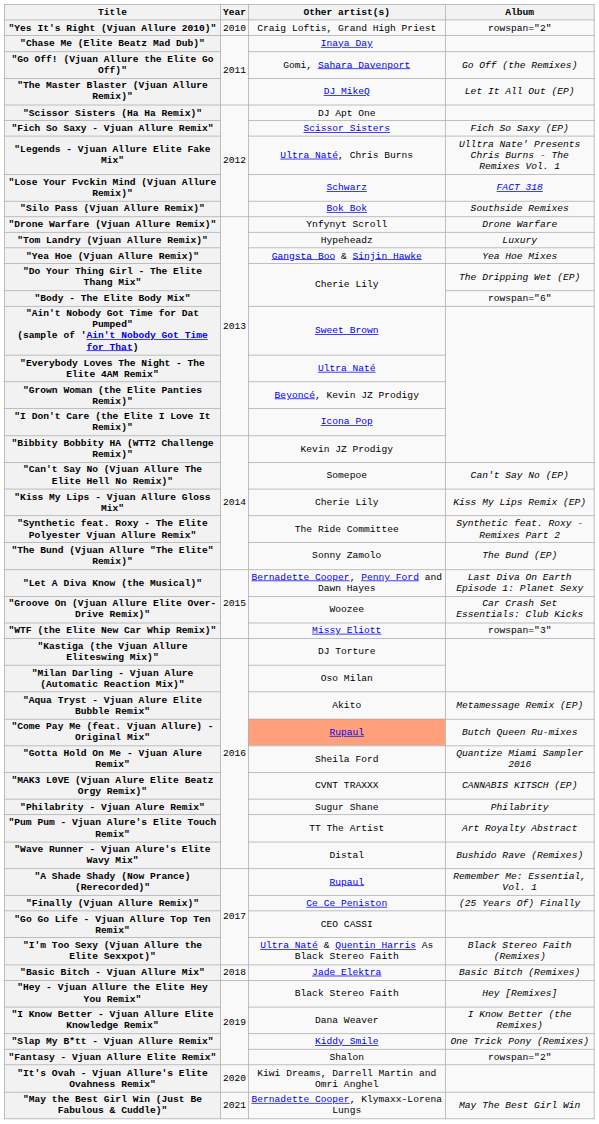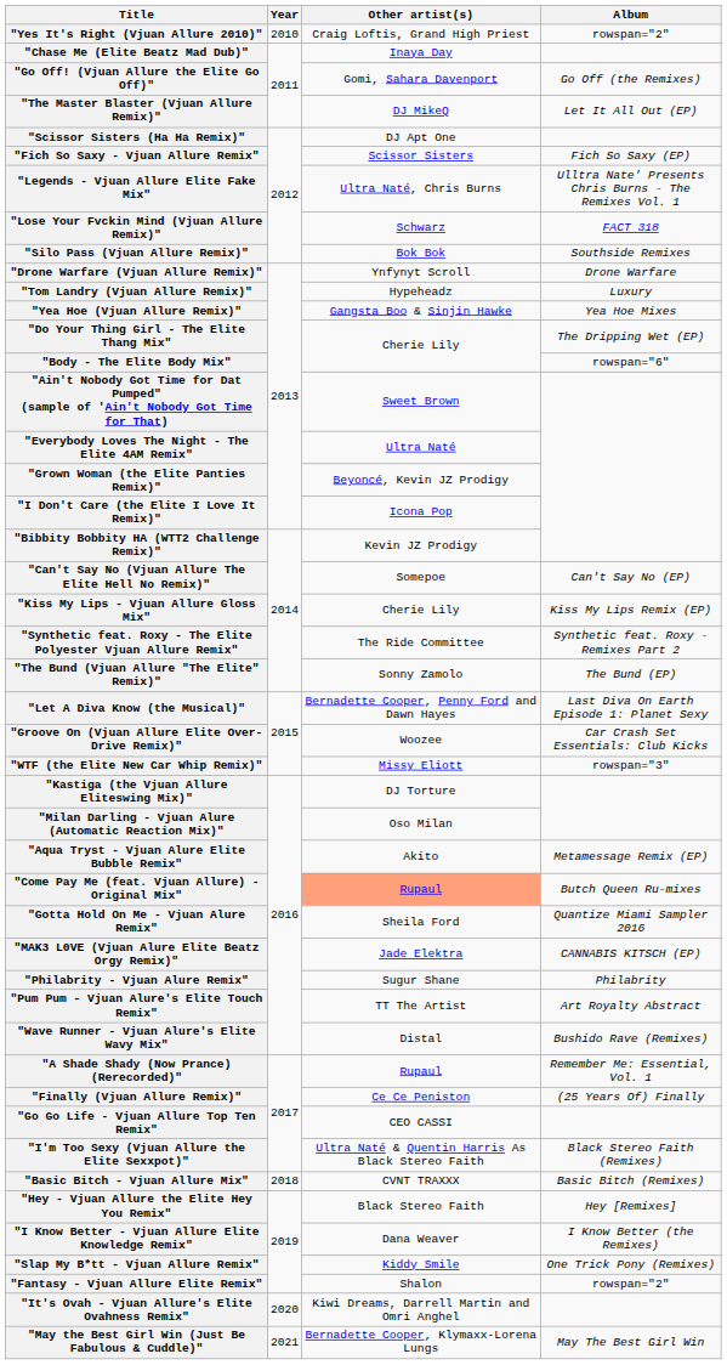 <table class="wikitable plainrowheaders" style="text-align:center;" border="1">
 <tr>
 <th scope="col" style="width:22em;">Title</th>
 <th scope="col">Year</th>
 <th scope="col" style="width:20em;">Other artist(s)</th>
 <th scope="col" style="width:15em;">Album</th>
 </tr>
 <tr>
 <th scope="row">"Yes It's Right (Vjuan Allure 2010)" </th>
 <td>2010</td>
 <td>Craig Loftis, Grand High Priest</td>
 <td>rowspan="2" </td>
 </tr>
 <tr>
 <th scope="row">"Chase Me (Elite Beatz Mad Dub)" </th>
 <td rowspan="3">2011</td>
 <td><a href='#'>Inaya Day</a></td>
 </tr>
 <tr>
 <th scope="row">"Go Off! (Vjuan Allure the Elite Go Off)" </th>
 <td>Gomi, <a href='#'>Sahara Davenport</a></td>
 <td><em>Go Off (the Remixes)</em></td>
 </tr>
 <tr>
 <th scope="row">"The Master Blaster (Vjuan Allure Remix)" </th>
 <td><a href='#'>DJ MikeQ</a></td>
 <td><em>Let It All Out (EP)</em></td>
 </tr>
 <tr>
 <th scope="row">"Scissor Sisters (Ha Ha Remix)" </th>
 <td rowspan="5">2012</td>
 <td>DJ Apt One</td>
 <td></td>
 </tr>
 <tr>
 <th scope="row">"Fich So Saxy - Vjuan Allure Remix" </th>
 <td><a href='#'>Scissor Sisters</a></td>
 <td><em>Fich So Saxy (EP)</em></td>
 </tr>
 <tr>
 <th scope="row">"Legends - Vjuan Allure Elite Fake Mix" </th>
 <td><a href='#'>Ultra Naté</a>, Chris Burns</td>
 <td><em>Ulltra Nate' Presents Chris Burns - The Remixes Vol. 1</em></td>
 </tr>
 <tr>
 <th scope="row">"Lose Your Fvckin Mind (Vjuan Allure Remix)" </th>
 <td><a href='#'>Schwarz</a></td>
 <td><em><a href='#'>FACT 318</a></em></td>
 </tr>
 <tr>
 <th scope="row">"Silo Pass (Vjuan Allure Remix)" </th>
 <td><a href='#'>Bok Bok</a></td>
 <td><em>Southside Remixes</em></td>
 </tr>
 <tr>
 <th scope="row">"Drone Warfare (Vjuan Allure Remix)" </th>
 <td rowspan="9">2013</td>
 <td>Ynfynyt Scroll</td>
 <td><em>Drone Warfare</em></td>
 </tr>
 <tr>
 <th scope="row">"Tom Landry (Vjuan Allure Remix)" </th>
 <td>Hypeheadz</td>
 <td><em>Luxury</em></td>
 </tr>
 <tr>
 <th scope="row">"Yea Hoe (Vjuan Allure Remix)" </th>
 <td><a href='#'>Gangsta Boo</a> & <a href='#'>Sinjin Hawke</a></td>
 <td><em>Yea Hoe Mixes</em></td>
 </tr>
 <tr>
 <th scope="row">"Do Your Thing Girl - The Elite Thang Mix" </th>
 <td rowspan="2">Cherie Lily</td>
 <td><em>The Dripping Wet (EP)</em></td>
 </tr>
 <tr>
 <th scope="row">"Body - The Elite Body Mix" </th>
 <td>rowspan="6" </td>
 </tr>
 <tr>
 <th scope="row">"Ain't Nobody Got Time for Dat Pumped" <br><span>(sample of '<a href='#'>Ain't Nobody Got Time for That</a>)</span></th>
 <td><a href='#'>Sweet Brown</a></td>
 </tr>
 <tr>
 <th scope="row">"Everybody Loves The Night - The Elite 4AM Remix" </th>
 <td><a href='#'>Ultra Naté</a></td>
 </tr>
 <tr>
 <th scope="row">"Grown Woman (the Elite Panties Remix)" </th>
 <td><a href='#'>Beyoncé</a>, Kevin JZ Prodigy</td>
 </tr>
 <tr>
 <th scope="row">"I Don't Care (the Elite I Love It Remix)" </th>
 <td><a href='#'>Icona Pop</a></td>
 </tr>
 <tr>
 <th scope="row">"Bibbity Bobbity HA (WTT2 Challenge Remix)" </th>
 <td rowspan="5">2014</td>
 <td>Kevin JZ Prodigy</td>
 </tr>
 <tr>
 <th scope="row">"Can't Say No (Vjuan Allure The Elite Hell No Remix)" </th>
 <td>Somepoe</td>
 <td><em>Can't Say No (EP)</em></td>
 </tr>
 <tr>
 <th scope="row">"Kiss My Lips - Vjuan Allure Gloss Mix" </th>
 <td>Cherie Lily</td>
 <td><em>Kiss My Lips Remix (EP)</em></td>
 </tr>
 <tr>
 <th scope="row">"Synthetic feat. Roxy - The Elite Polyester Vjuan Allure Remix" </th>
 <td>The Ride Committee</td>
 <td><em>Synthetic feat. Roxy - Remixes Part 2</em></td>
 </tr>
 <tr>
 <th scope="row">"The Bund (Vjuan Allure "The Elite" Remix)" </th>
 <td>Sonny Zamolo</td>
 <td><em>The Bund (EP)</em></td>
 </tr>
 <tr>
 <th scope="row">"Let A Diva Know (the Musical)" </th>
 <td rowspan="3">2015</td>
 <td><a href='#'>Bernadette Cooper</a>, <a href='#'>Penny Ford</a> and Dawn Hayes</td>
 <td><em>Last Diva On Earth Episode 1: Planet Sexy</em></td>
 </tr>
 <tr>
 <th scope="row">"Groove On (Vjuan Allure Elite Over-Drive Remix)" </th>
 <td>Woozee</td>
 <td><em>Car Crash Set Essentials: Club Kicks</em></td>
 </tr>
 <tr>
 <th scope="row">"WTF (the Elite New Car Whip Remix)" </th>
 <td><a href='#'>Missy Eliott</a></td>
 <td>rowspan="3" </td>
 </tr>
 <tr>
 <th scope="row">"Kastiga (the Vjuan Allure Eliteswing Mix)" </th>
 <td rowspan="9">2016</td>
 <td>DJ Torture</td>
 </tr>
 <tr>
 <th scope="row">"Milan Darling - Vjuan Alure (Automatic Reaction Mix)" </th>
 <td>Oso Milan</td>
 </tr>
 <tr>
 <th scope="row">"Aqua Tryst - Vjuan Alure Elite Bubble Remix" </th>
 <td>Akito</td>
 <td><em>Metamessage Remix (EP)</em></td>
 </tr>
 <tr>
 <th scope="row">"Come Pay Me (feat. Vjuan Allure) - Original Mix" </th>
 <td style="background: lightsalmon;"><a href='#'>Rupaul</a></td>
 <td><em>Butch Queen Ru-mixes</em></td>
 </tr>
 <tr>
 <th scope="row">"Gotta Hold On Me - Vjuan Alure Remix" </th>
 <td>Sheila Ford</td>
 <td><em>Quantize Miami Sampler 2016</em></td>
 </tr>
 <tr>
 <th scope="row">"MAK3 L0VE (Vjuan Alure Elite Beatz Orgy Remix)" </th>
-<td>CVNT TRAXXX</td>
+<td><a href='#'>Jade Elektra</a></td>
 <td><em> CANNABIS KITSCH (EP)</em></td>
 </tr>
 <tr>
 <th scope="row">"Philabrity - Vjuan Alure Remix" </th>
 <td>Sugur Shane</td>
 <td><em>Philabrity</em></td>
 </tr>
 <tr>
 <th scope="row">"Pum Pum - Vjuan Alure's Elite Touch Remix" </th>
 <td>TT The Artist</td>
 <td><em>Art Royalty Abstract</em></td>
 </tr>
 <tr>
 <th scope="row">"Wave Runner - Vjuan Alure's Elite Wavy Mix" </th>
 <td>Distal</td>
 <td><em>Bushido Rave (Remixes)</em></td>
 </tr>
 <tr>
 <th scope="row">"A Shade Shady (Now Prance) (Rerecorded)" </th>
 <td rowspan="4">2017</td>
 <td><a href='#'>Rupaul</a></td>
 <td><em>Remember Me: Essential, Vol. 1</em></td>
 </tr>
 <tr>
 <th scope="row">"Finally (Vjuan Allure Remix)" </th>
 <td><a href='#'>Ce Ce Peniston</a></td>
 <td><em>(25 Years Of) Finally</em></td>
 </tr>
 <tr>
 <th scope="row">"Go Go Life - Vjuan Allure Top Ten Remix" </th>
 <td>CEO CASSI</td>
 <td></td>
 </tr>
 <tr>
 <th scope="row">"I'm Too Sexy (Vjuan Allure the Elite Sexxpot)" </th>
 <td><a href='#'>Ultra Naté</a> & <a href='#'>Quentin Harris</a> As Black Stereo Faith</td>
 <td><em>Black Stereo Faith (Remixes)</em></td>
 </tr>
 <tr>
 <th scope="row">"Basic Bitch - Vjuan Allure Mix" </th>
 <td>2018</td>
-<td><a href='#'>Jade Elektra</a></td>
+<td>CVNT TRAXXX</td>
 <td><em>Basic Bitch (Remixes)</em></td>
 </tr>
 <tr>
 <th scope="row">"Hey - Vjuan Allure the Elite Hey You Remix" </th>
 <td rowspan="4">2019</td>
 <td>Black Stereo Faith</td>
 <td><em>Hey [Remixes]</em></td>
 </tr>
 <tr>
 <th scope="row">"I Know Better - Vjuan Allure Elite Knowledge Remix" </th>
 <td>Dana Weaver</td>
 <td><em>I Know Better (the Remixes)</em></td>
 </tr>
 <tr>
 <th scope="row">"Slap My B*tt - Vjuan Allure Remix" </th>
 <td><a href='#'>Kiddy Smile</a></td>
 <td><em>One Trick Pony (Remixes)</em></td>
 </tr>
 <tr>
 <th scope="row">"Fantasy - Vjuan Allure Elite Remix" </th>
 <td>Shalon</td>
 <td>rowspan="2" </td>
 </tr>
 <tr>
 <th scope="row">"It's Ovah - Vjuan Allure's Elite Ovahness Remix"</th>
 <td>2020</td>
 <td>Kiwi Dreams, Darrell Martin and Omri Anghel</td>
 </tr>
 <tr>
 <th scope="row">"May the Best Girl Win (Just Be Fabulous & Cuddle)"</th>
 <td>2021</td>
 <td><a href='#'>Bernadette Cooper</a>, Klymaxx-Lorena Lungs</td>
 <td><em>May The Best Girl Win</em></td>
 </tr>
 </table>
